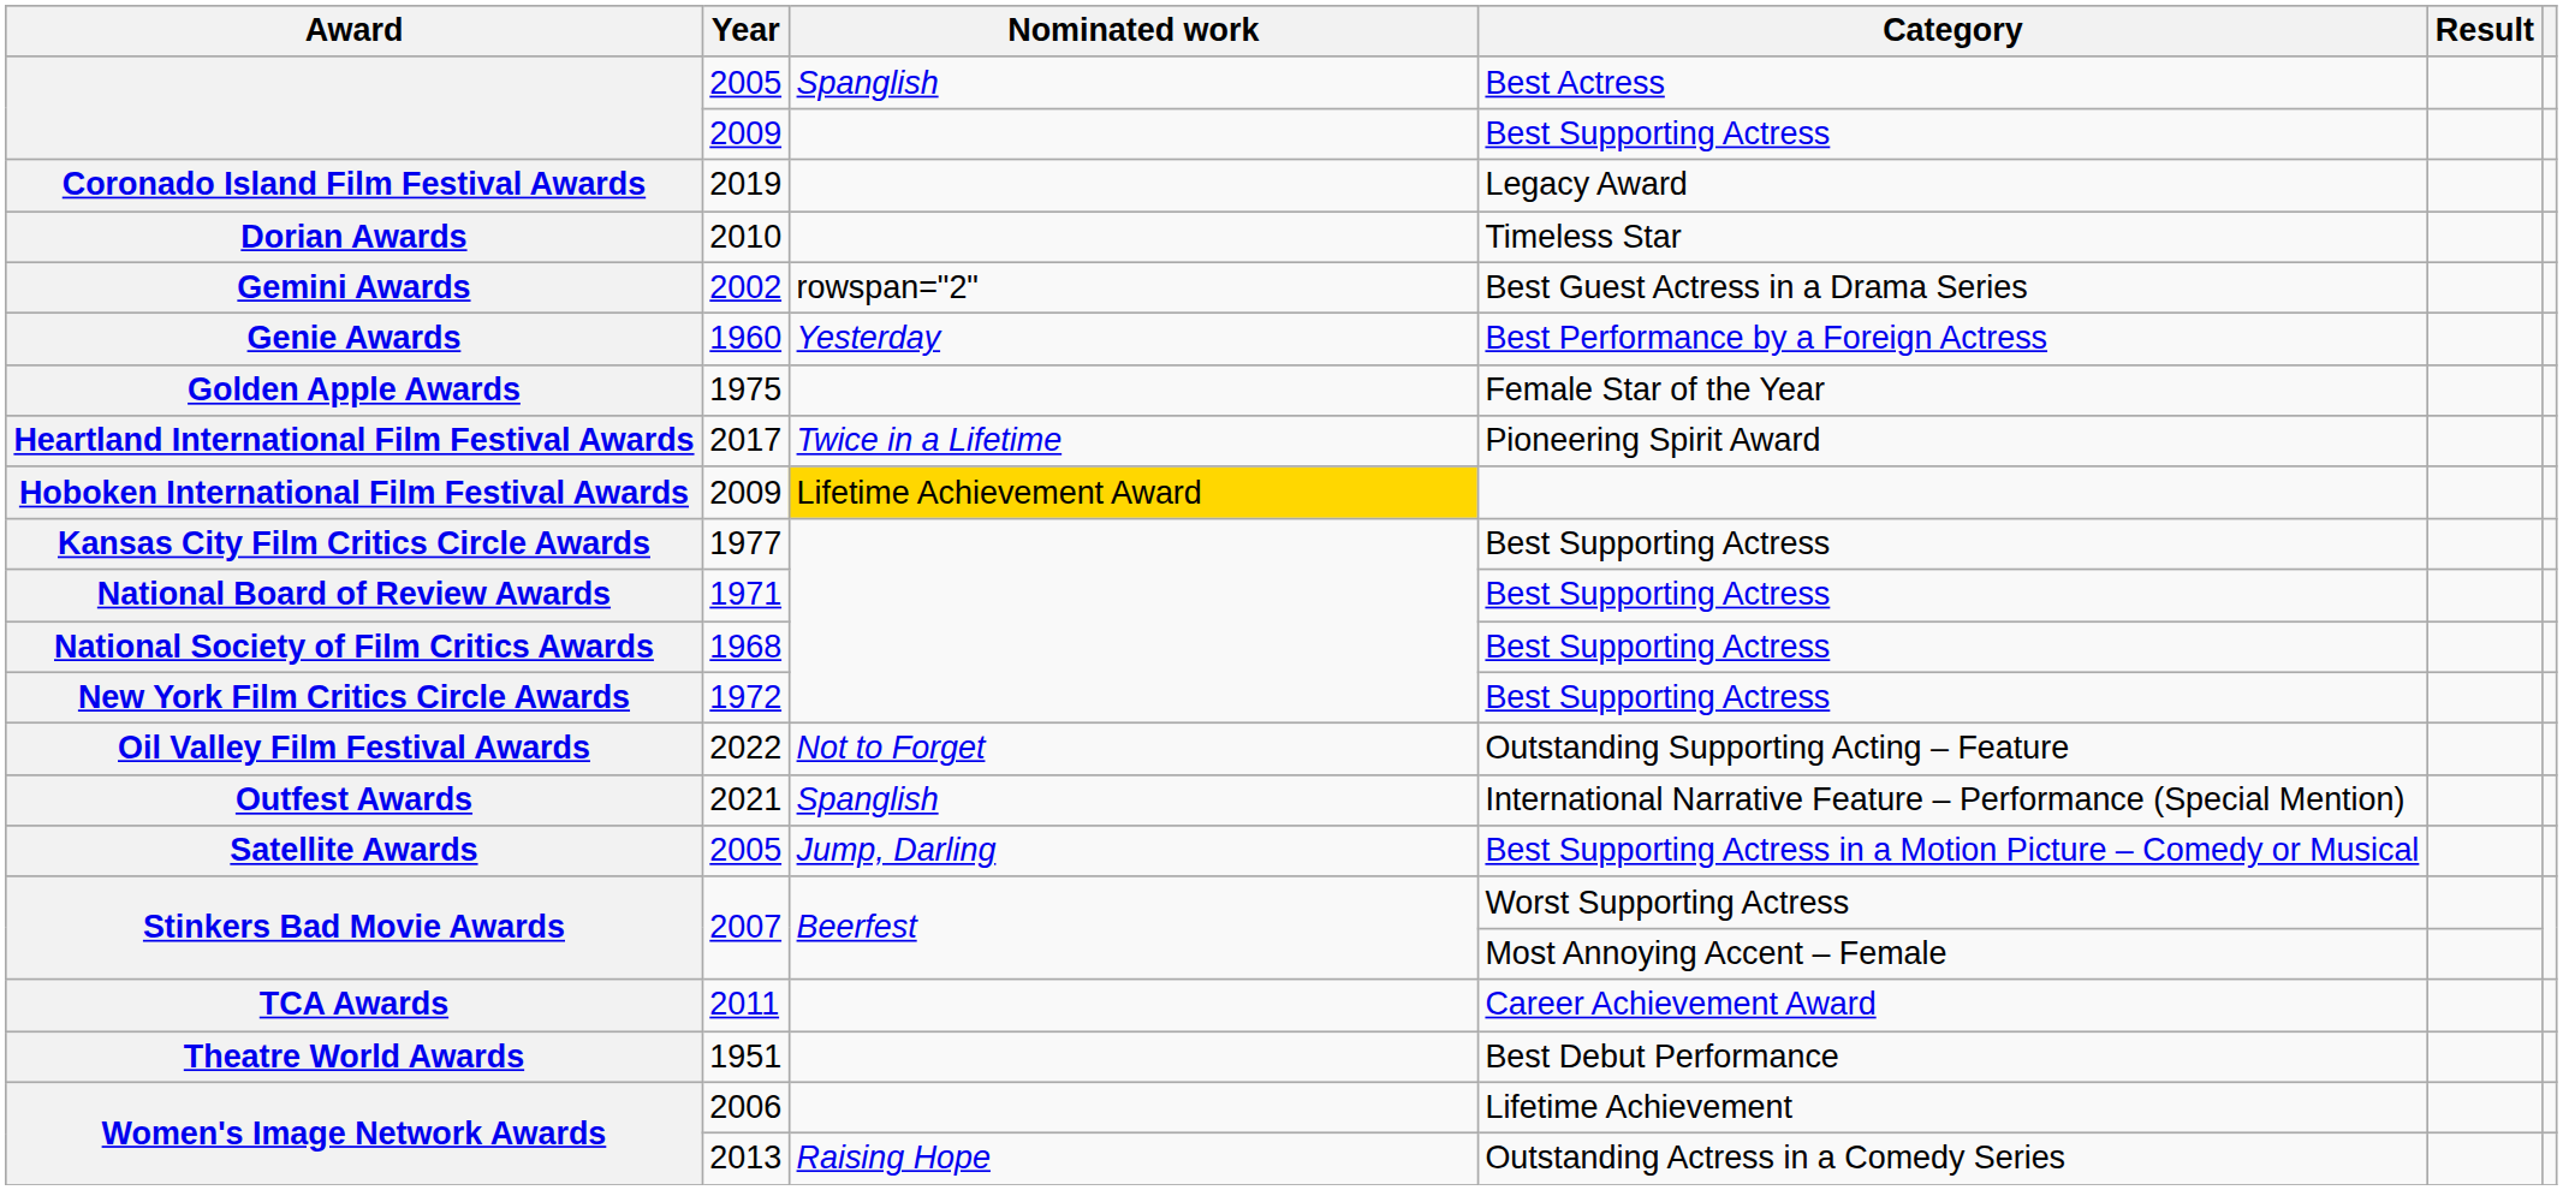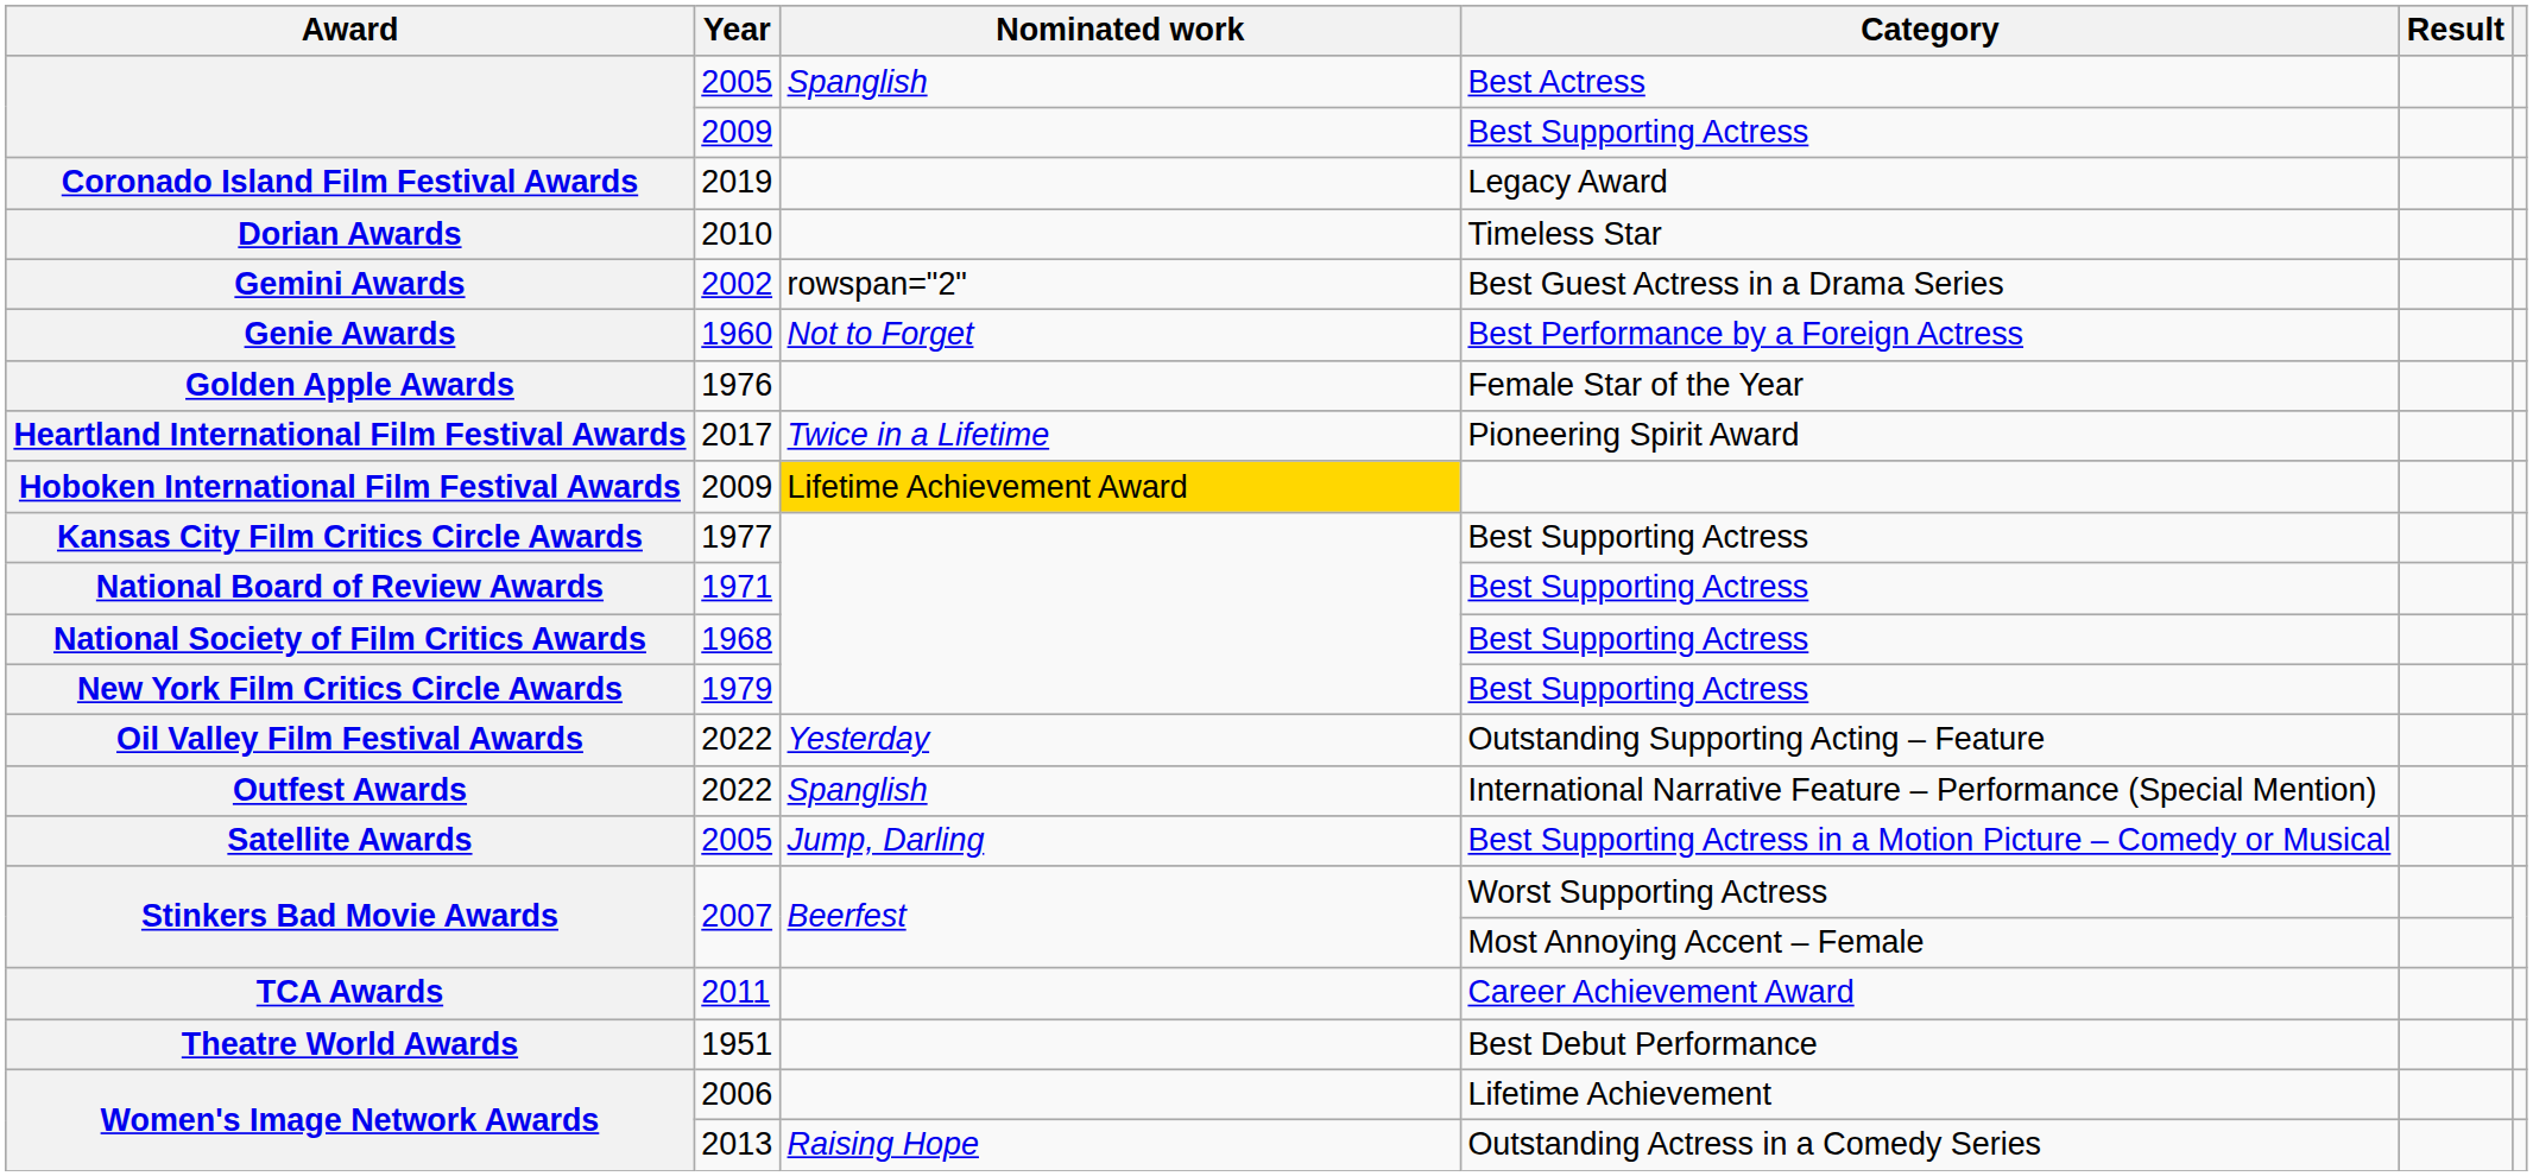 <table class="wikitable plainrowheaders sortable col6center" style="width: 100%;">
 <tr>
 <th scope="col">Award</th>
 <th scope="col">Year</th>
 <th scope="col" style="width: 27%;">Nominated work</th>
 <th scope="col">Category</th>
 <th scope="col">Result</th>
 <th scope="col" class="unsortable"></th>
 </tr>
 <tr>
 <th scope="row" rowspan="2"></th>
 <td><a href='#'>2005</a></td>
 <td><em><a href='#'>Spanglish</a></em></td>
 <td><a href='#'>Best Actress</a></td>
 <td></td>
 <td align="center"></td>
 </tr>
 <tr>
 <td><a href='#'>2009</a></td>
 <td></td>
 <td><a href='#'>Best Supporting Actress</a></td>
 <td></td>
 <td align="center"></td>
 </tr>
 <tr>
 <th scope="row"><a href='#'>Coronado Island Film Festival Awards</a></th>
 <td>2019</td>
 <td></td>
 <td>Legacy Award</td>
 <td></td>
 <td align="center"></td>
 </tr>
 <tr>
 <th scope="row"><a href='#'>Dorian Awards</a></th>
 <td>2010</td>
 <td></td>
 <td>Timeless Star</td>
 <td></td>
 <td align="center"></td>
 </tr>
 <tr>
 <th scope="row"><a href='#'>Gemini Awards</a></th>
 <td><a href='#'>2002</a></td>
 <td>rowspan="2" </td>
 <td>Best Guest Actress in a Drama Series</td>
 <td></td>
 <td align="center"></td>
 </tr>
 <tr>
 <th scope="row"><a href='#'>Genie Awards</a></th>
 <td><a href='#'>1960</a></td>
-<td><em><a href='#'>Yesterday</a></em></td>
+<td><em><a href='#'>Not to Forget</a></em></td>
 <td><a href='#'>Best Performance by a Foreign Actress</a></td>
 <td></td>
 <td align="center"></td>
 </tr>
 <tr>
 <th scope="row"><a href='#'>Golden Apple Awards</a></th>
-<td>1975</td>
+<td>1976</td>
 <td></td>
 <td>Female Star of the Year</td>
 <td></td>
 <td align="center"></td>
 </tr>
 <tr>
 <th scope="row"><a href='#'>Heartland International Film Festival Awards</a></th>
 <td>2017</td>
 <td><em><a href='#'>Twice in a Lifetime</a></em></td>
 <td>Pioneering Spirit Award</td>
 <td></td>
 <td align="center"></td>
 </tr>
 <tr>
 <th scope="row"><a href='#'>Hoboken International Film Festival Awards</a></th>
 <td>2009</td>
 <td style="background: gold;">Lifetime Achievement Award</td>
 <td></td>
 <td align="center"></td>
 </tr>
 <tr>
 <th scope="row"><a href='#'>Kansas City Film Critics Circle Awards</a></th>
 <td>1977</td>
 <td rowspan=4></td>
 <td>Best Supporting Actress</td>
 <td></td>
 <td align="center"></td>
 </tr>
 <tr>
 <th scope="row"><a href='#'>National Board of Review Awards</a></th>
 <td><a href='#'>1971</a></td>
 <td><a href='#'>Best Supporting Actress</a></td>
 <td></td>
 <td align="center"></td>
 </tr>
 <tr>
 <th scope="row"><a href='#'>National Society of Film Critics Awards</a></th>
 <td><a href='#'>1968</a></td>
 <td><a href='#'>Best Supporting Actress</a></td>
 <td></td>
 <td align="center"></td>
 </tr>
 <tr>
 <th scope="row"><a href='#'>New York Film Critics Circle Awards</a></th>
-<td><a href='#'>1972</a></td>
+<td><a href='#'>1979</a></td>
 <td><a href='#'>Best Supporting Actress</a></td>
 <td></td>
 <td align="center"></td>
 </tr>
 <tr>
 <th scope="row"><a href='#'>Oil Valley Film Festival Awards</a></th>
 <td>2022</td>
-<td><em><a href='#'>Not to Forget</a></em></td>
+<td><em><a href='#'>Yesterday</a></em></td>
 <td>Outstanding Supporting Acting – Feature</td>
 <td></td>
 <td align="center"></td>
 </tr>
 <tr>
 <th scope="row"><a href='#'>Outfest Awards</a></th>
-<td>2021</td>
+<td>2022</td>
 <td><em><a href='#'>Spanglish</a></em></td>
 <td>International Narrative Feature – Performance (Special Mention)</td>
 <td></td>
 <td align="center"></td>
 </tr>
 <tr>
 <th scope="row"><a href='#'>Satellite Awards</a></th>
 <td><a href='#'>2005</a></td>
 <td><em><a href='#'>Jump, Darling</a></em></td>
 <td><a href='#'>Best Supporting Actress in a Motion Picture – Comedy or Musical</a></td>
 <td></td>
 <td align="center"></td>
 </tr>
 <tr>
 <th scope="row" rowspan="2"><a href='#'>Stinkers Bad Movie Awards</a></th>
 <td rowspan="2"><a href='#'>2007</a></td>
 <td rowspan="2"><em><a href='#'>Beerfest</a></em></td>
 <td>Worst Supporting Actress</td>
 <td></td>
 <td align="center" rowspan="2"></td>
 </tr>
 <tr>
 <td>Most Annoying Accent – Female</td>
 <td></td>
 </tr>
 <tr>
 <th scope="row"><a href='#'>TCA Awards</a></th>
 <td><a href='#'>2011</a></td>
 <td></td>
 <td><a href='#'>Career Achievement Award</a></td>
 <td></td>
 <td align="center"></td>
 </tr>
 <tr>
 <th scope="row"><a href='#'>Theatre World Awards</a></th>
 <td>1951</td>
 <td></td>
 <td>Best Debut Performance</td>
 <td></td>
 <td align="center"></td>
 </tr>
 <tr>
 <th scope="row" rowspan="2"><a href='#'>Women's Image Network Awards</a></th>
 <td>2006</td>
 <td></td>
 <td>Lifetime Achievement</td>
 <td></td>
 <td align="center"></td>
 </tr>
 <tr>
 <td>2013</td>
 <td><em><a href='#'>Raising Hope</a></em></td>
 <td>Outstanding Actress in a Comedy Series</td>
 <td></td>
 <td align="center"></td>
 </tr>
 </table>
